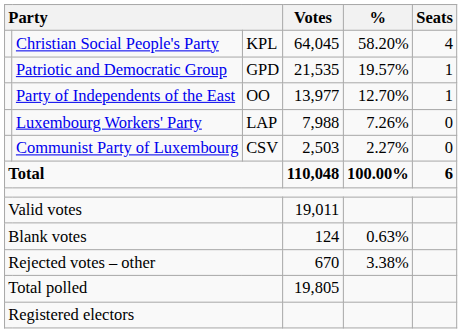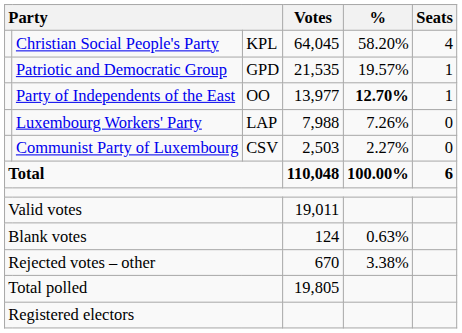 <table class="wikitable" border="1" style="text-align:right;">
 <tr>
 <th style="text-align:left;" valign=bottom colspan=3>Party</th>
 <th align=center valign=bottom width="50">Votes</th>
 <th align=center valign=bottom width="50">%</th>
 <th align=center>Seats</th>
 </tr>
 <tr>
 <td></td>
 <td align=left><a href='#'>Christian Social People's Party</a></td>
 <td align=left>KPL</td>
 <td>64,045</td>
 <td>58.20%</td>
 <td>4</td>
 </tr>
 <tr>
 <td></td>
 <td align=left><a href='#'>Patriotic and Democratic Group</a></td>
 <td align=left>GPD</td>
 <td>21,535</td>
 <td>19.57%</td>
 <td>1</td>
 </tr>
 <tr>
 <td></td>
 <td align=left><a href='#'>Party of Independents of the East</a></td>
 <td align=left>OO</td>
 <td>13,977</td>
-<td>12.70%</td>
+<td><strong>12.70%</strong></td>
 <td>1</td>
 </tr>
 <tr>
 <td></td>
 <td align=left><a href='#'>Luxembourg Workers' Party</a></td>
 <td align=left>LAP</td>
 <td>7,988</td>
 <td>7.26%</td>
 <td>0</td>
 </tr>
 <tr>
 <td></td>
 <td align=left><a href='#'>Communist Party of Luxembourg</a></td>
 <td align=left>CSV</td>
 <td>2,503</td>
 <td>2.27%</td>
 <td>0</td>
 </tr>
 <tr style="font-weight:bold">
 <td align=left colspan=3>Total</td>
 <td>110,048</td>
 <td>100.00%</td>
 <td>6</td>
 </tr>
 <tr>
 <td colspan=6 height="2"></td>
 </tr>
 <tr>
 <td align=left colspan=3>Valid votes</td>
 <td>19,011</td>
 <td></td>
 <td></td>
 </tr>
 <tr>
 <td align=left colspan=3>Blank votes</td>
 <td>124</td>
 <td>0.63%</td>
 <td></td>
 </tr>
 <tr>
 <td align=left colspan=3>Rejected votes – other</td>
 <td>670</td>
 <td>3.38%</td>
 <td></td>
 </tr>
 <tr>
 <td align=left colspan=3>Total polled</td>
 <td>19,805</td>
 <td></td>
 <td></td>
 </tr>
 <tr>
 <td align=left colspan=3>Registered electors</td>
 <td></td>
 <td></td>
 <td></td>
 </tr>
 </table>
